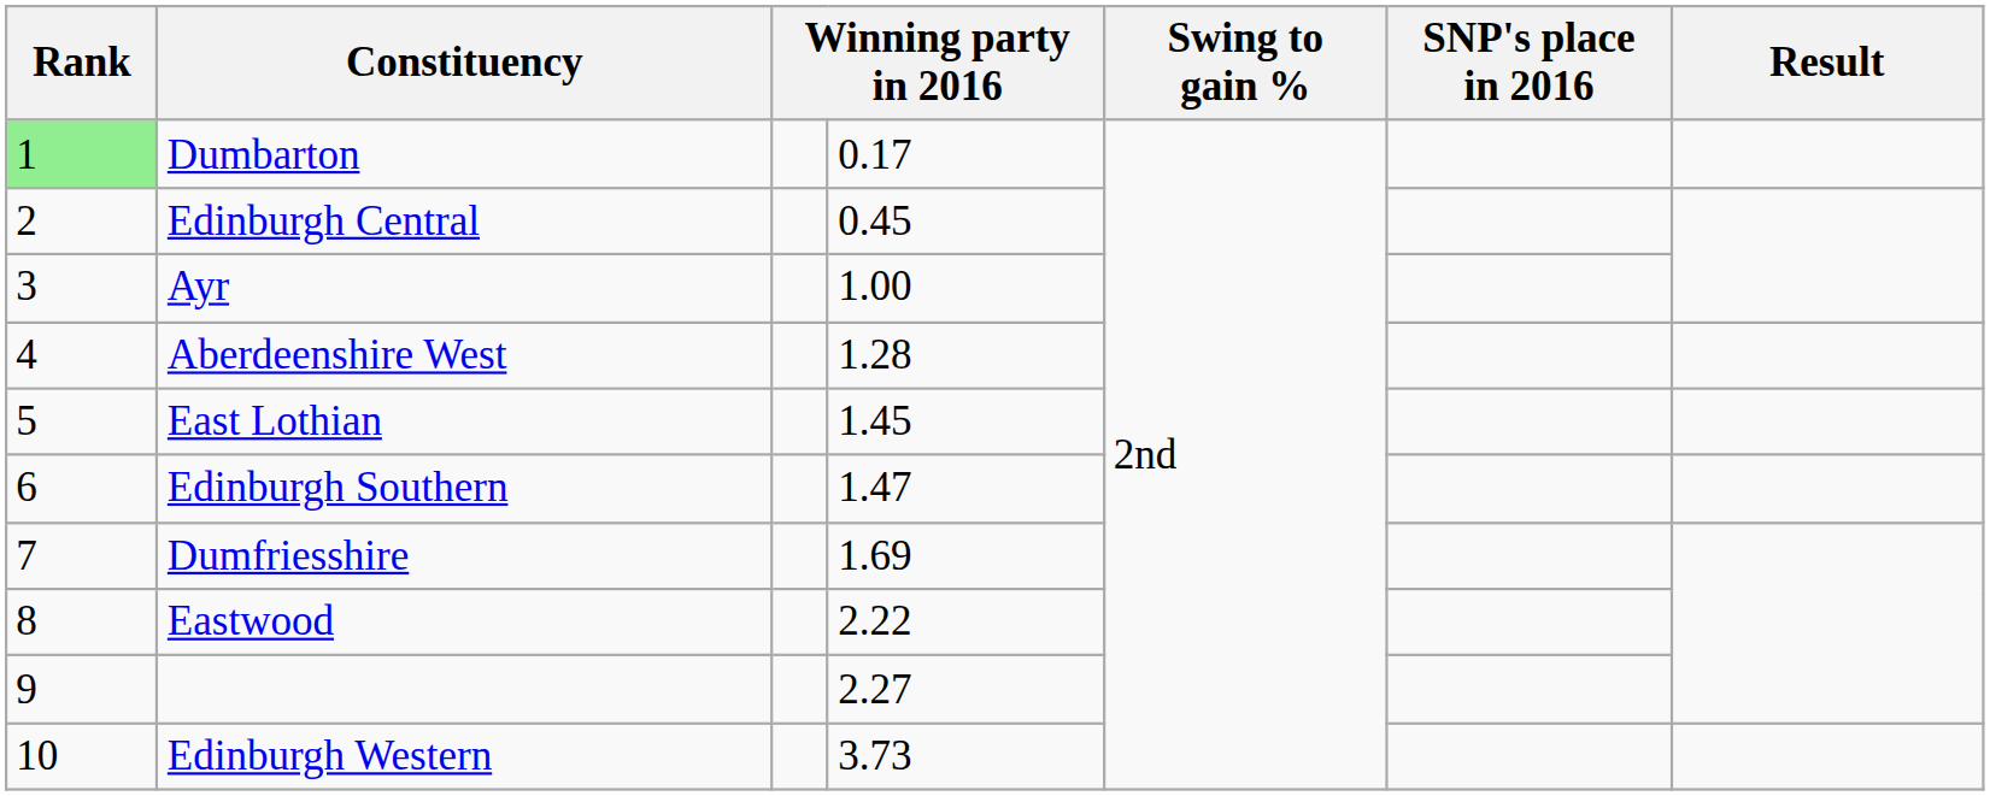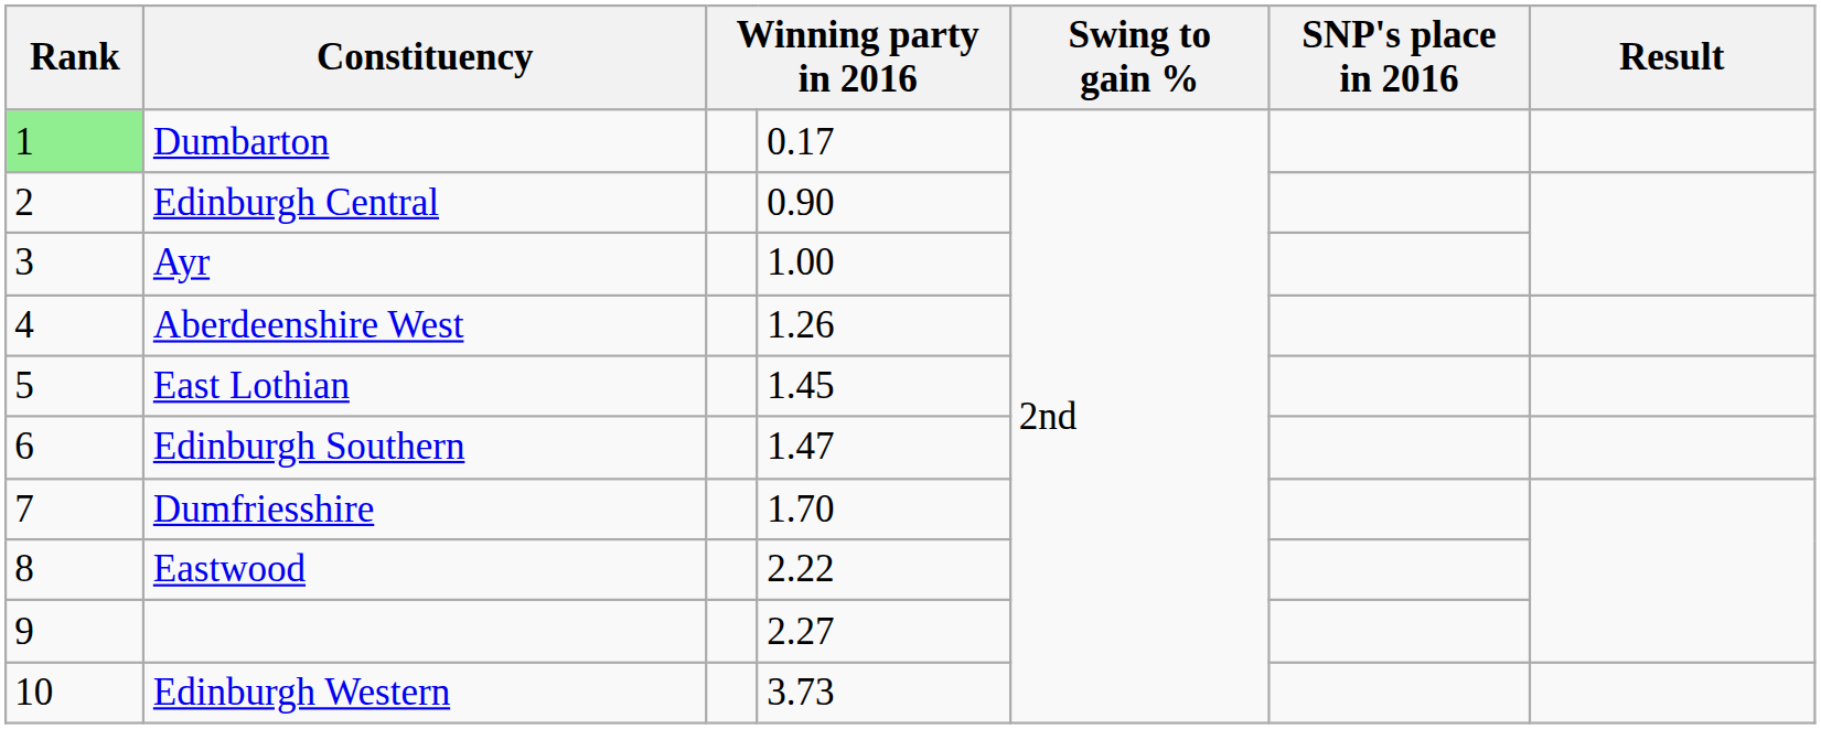 <table class="wikitable" style="width:750px">
 <tr>
 <th style="width:50px;">Rank</th>
 <th style="width:225px;" class=nowrap>Constituency</th>
 <th colspan="2" style="width:175px;" class=nowrap>Winning party<br>in 2016</th>
 <th style="width:100px;">Swing to<br>gain %</th>
 <th style="width:100px;">SNP's place<br>in 2016</th>
 <th colspan="2" style="width:175px;">Result</th>
 </tr>
 <tr>
 <td style="background: lightgreen;">1</td>
 <td><a href='#'>Dumbarton</a></td>
 <td></td>
 <td>0.17</td>
 <td rowspan="10">2nd</td>
 <td style="color:inherit;background-color: "></td>
 <td></td>
 </tr>
 <tr>
 <td>2</td>
 <td><a href='#'>Edinburgh Central</a></td>
 <td></td>
-<td>0.45</td>
+<td>0.90</td>
 <td style="color:inherit;background-color: "></td>
 <td rowspan="2"></td>
 </tr>
 <tr>
 <td>3</td>
 <td><a href='#'>Ayr</a></td>
 <td></td>
 <td>1.00</td>
 <td style="color:inherit;background-color: "></td>
 </tr>
 <tr>
 <td>4</td>
 <td><a href='#'>Aberdeenshire West</a></td>
 <td></td>
-<td>1.28</td>
+<td>1.26</td>
 <td style="color:inherit;background-color: "></td>
 <td></td>
 </tr>
 <tr>
 <td>5</td>
 <td><a href='#'>East Lothian</a></td>
 <td></td>
 <td>1.45</td>
 <td style="color:inherit;background-color: "></td>
 <td></td>
 </tr>
 <tr>
 <td>6</td>
 <td><a href='#'>Edinburgh Southern</a></td>
 <td></td>
 <td>1.47</td>
 <td style="color:inherit;background-color: "></td>
 <td></td>
 </tr>
 <tr>
 <td>7</td>
 <td><a href='#'>Dumfriesshire</a></td>
 <td></td>
-<td>1.69</td>
+<td>1.70</td>
 <td style="color:inherit;background-color: "></td>
 <td rowspan="3"></td>
 </tr>
 <tr>
 <td>8</td>
 <td><a href='#'>Eastwood</a></td>
 <td></td>
 <td>2.22</td>
 <td style="color:inherit;background-color: "></td>
 </tr>
 <tr>
 <td>9</td>
 <td></td>
 <td></td>
 <td>2.27</td>
 <td style="color:inherit;background-color: "></td>
 </tr>
 <tr>
 <td>10</td>
 <td><a href='#'>Edinburgh Western</a></td>
 <td></td>
 <td>3.73</td>
 <td style="color:inherit;background-color: "></td>
 <td></td>
 </tr>
 </table>
